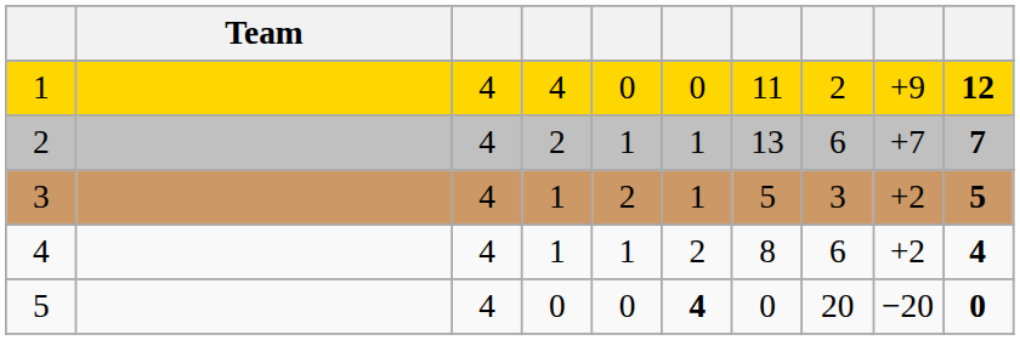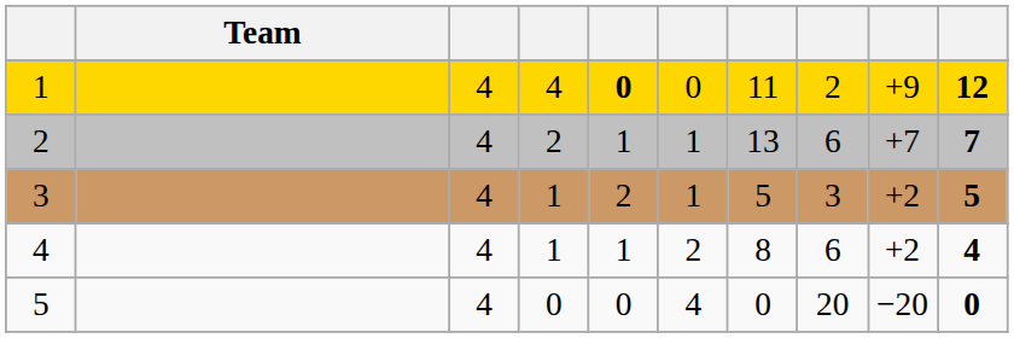 <table class="wikitable" style="font-size:95%;text-align:center">
 <tr>
 <th width=25></th>
 <th width=165>Team</th>
 <th width=25></th>
 <th width=25></th>
 <th width=25></th>
 <th width=25></th>
 <th width=25></th>
 <th width=25></th>
 <th width=25></th>
 <th width=25></th>
 </tr>
 <tr>
 </tr>
 <tr style="background:gold">
 <td>1</td>
 <td style="text-align:left"></td>
 <td>4</td>
 <td>4</td>
-<td>0</td>
+<td><strong>0</strong></td>
 <td>0</td>
 <td>11</td>
 <td>2</td>
 <td>+9</td>
 <td><strong>12</strong></td>
 </tr>
 <tr style="background:silver">
 <td>2</td>
 <td style="text-align:left"></td>
 <td>4</td>
 <td>2</td>
 <td>1</td>
 <td>1</td>
 <td>13</td>
 <td>6</td>
 <td>+7</td>
 <td><strong>7</strong></td>
 </tr>
 <tr style="background:#c96">
 <td>3</td>
 <td style="text-align:left"></td>
 <td>4</td>
 <td>1</td>
 <td>2</td>
 <td>1</td>
 <td>5</td>
 <td>3</td>
 <td>+2</td>
 <td><strong>5</strong></td>
 </tr>
 <tr>
 <td>4</td>
 <td style="text-align:left"></td>
 <td>4</td>
 <td>1</td>
 <td>1</td>
 <td>2</td>
 <td>8</td>
 <td>6</td>
 <td>+2</td>
 <td><strong>4</strong></td>
 </tr>
 <tr>
 <td>5</td>
 <td style="text-align:left"></td>
 <td>4</td>
 <td>0</td>
 <td>0</td>
-<td><strong>4</strong></td>
+<td>4</td>
 <td>0</td>
 <td>20</td>
 <td>−20</td>
 <td><strong>0</strong></td>
 </tr>
 </table>
